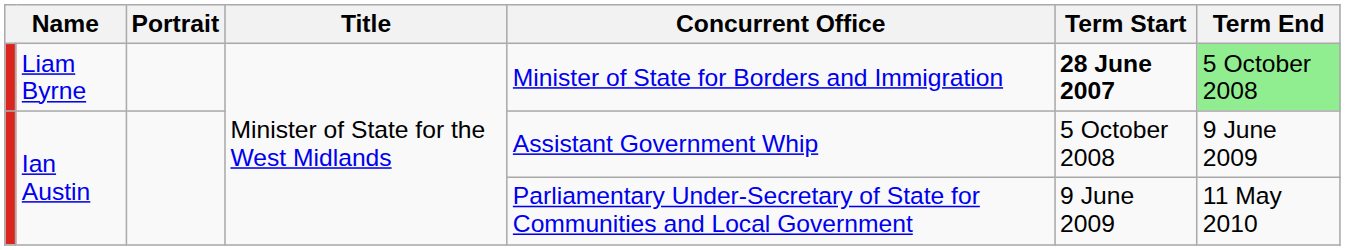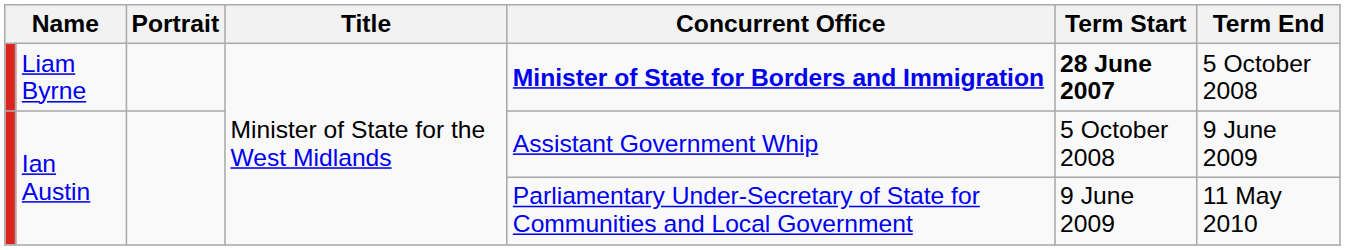 <table class="wikitable">
 <tr>
 <th colspan="2">Name</th>
 <th>Portrait</th>
 <th>Title</th>
 <th>Concurrent Office</th>
 <th>Term Start</th>
 <th>Term End</th>
 </tr>
 <tr>
 <th style="background-color: #DC241f"></th>
 <td><a href='#'>Liam Byrne</a></td>
 <td></td>
 <td rowspan="3">Minister of State for the <a href='#'>West Midlands</a></td>
-<td><a href='#'>Minister of State for Borders and Immigration</a></td>
+<td><strong><a href='#'>Minister of State for Borders and Immigration</a></strong></td>
 <td><strong>28 June 2007</strong></td>
-<td style="background: lightgreen;">5 October 2008</td>
+<td>5 October 2008</td>
 </tr>
 <tr>
 <th rowspan="2" style="background-color: #DC241f"></th>
 <td rowspan="2"><a href='#'>Ian Austin</a></td>
 <td rowspan="2"></td>
 <td><a href='#'>Assistant Government Whip</a></td>
 <td>5 October 2008</td>
 <td>9 June 2009</td>
 </tr>
 <tr>
 <td><a href='#'>Parliamentary Under-Secretary of State for Communities and Local Government</a></td>
 <td>9 June 2009</td>
 <td>11 May 2010</td>
 </tr>
 </table>
